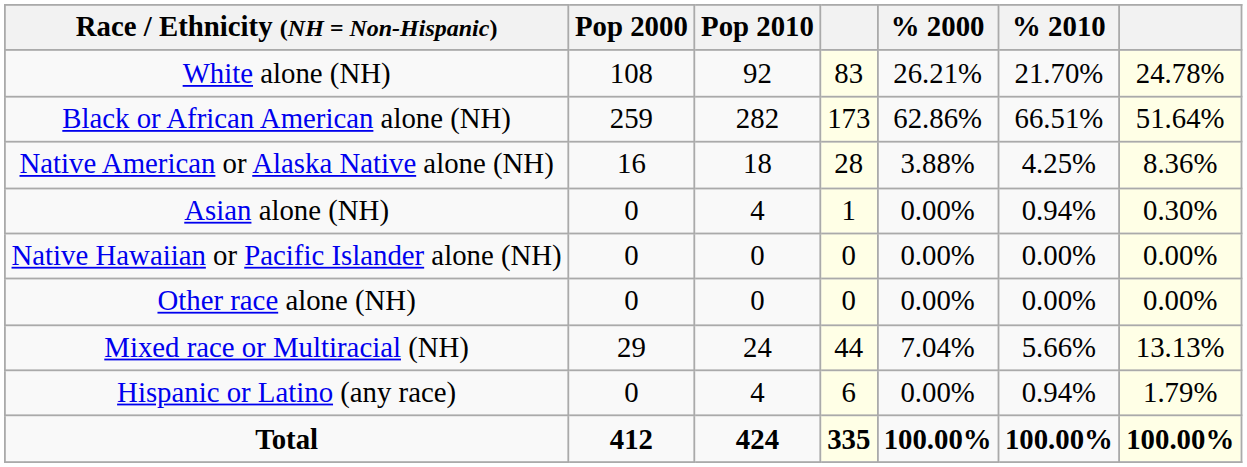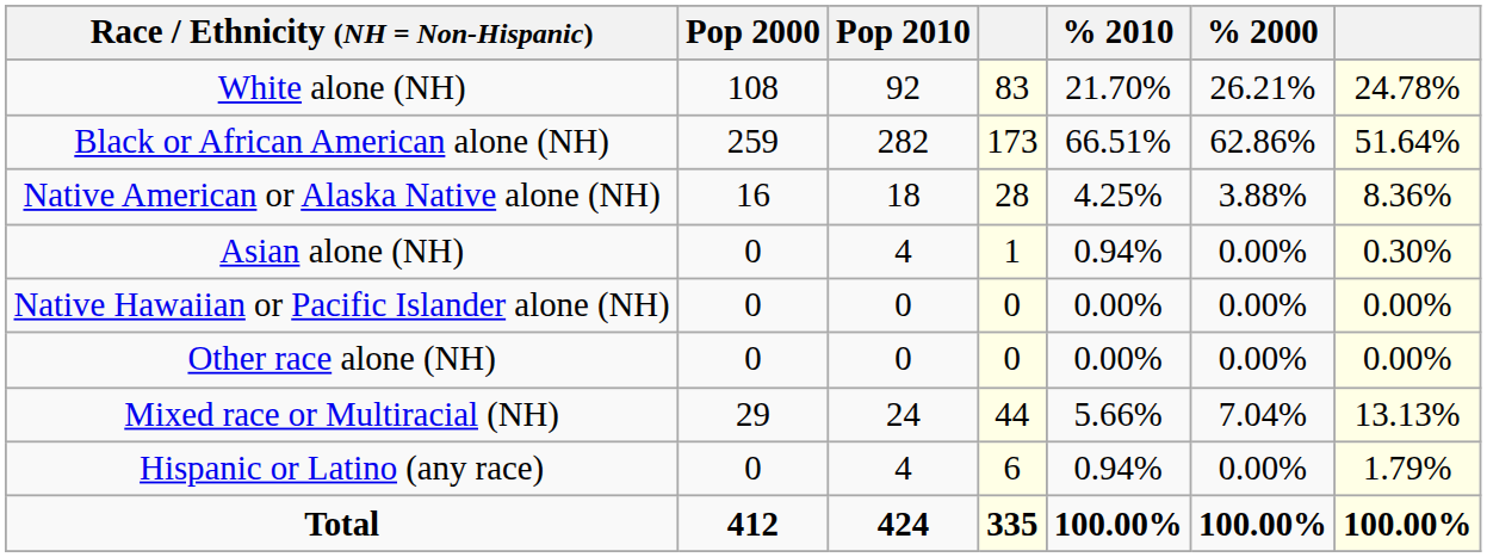 <table class="wikitable" style="text-align:center;">
 <tr>
 <th>Race / Ethnicity <small>(<em>NH = Non-Hispanic</em>)</small></th>
 <th>Pop 2000</th>
 <th>Pop 2010</th>
 <th></th>
+<th>% 2010</th>
 <th>% 2000</th>
-<th>% 2010</th>
 <th></th>
 </tr>
 <tr>
 <td><a href='#'>White</a> alone (NH)</td>
 <td>108</td>
 <td>92</td>
 <td style='background: #ffffe6;'>83</td>
+<td>21.70%</td>
 <td>26.21%</td>
-<td>21.70%</td>
 <td style='background: #ffffe6;'>24.78%</td>
 </tr>
 <tr>
 <td><a href='#'>Black or African American</a> alone (NH)</td>
 <td>259</td>
 <td>282</td>
 <td style='background: #ffffe6;'>173</td>
+<td>66.51%</td>
 <td>62.86%</td>
-<td>66.51%</td>
 <td style='background: #ffffe6;'>51.64%</td>
 </tr>
 <tr>
 <td><a href='#'>Native American</a> or <a href='#'>Alaska Native</a> alone (NH)</td>
 <td>16</td>
 <td>18</td>
 <td style='background: #ffffe6;'>28</td>
+<td>4.25%</td>
 <td>3.88%</td>
-<td>4.25%</td>
 <td style='background: #ffffe6;'>8.36%</td>
 </tr>
 <tr>
 <td><a href='#'>Asian</a> alone (NH)</td>
 <td>0</td>
 <td>4</td>
 <td style='background: #ffffe6;'>1</td>
+<td>0.94%</td>
 <td>0.00%</td>
-<td>0.94%</td>
 <td style='background: #ffffe6;'>0.30%</td>
 </tr>
 <tr>
 <td><a href='#'>Native Hawaiian</a> or <a href='#'>Pacific Islander</a> alone (NH)</td>
 <td>0</td>
 <td>0</td>
 <td style='background: #ffffe6;'>0</td>
 <td>0.00%</td>
 <td>0.00%</td>
 <td style='background: #ffffe6;'>0.00%</td>
 </tr>
 <tr>
 <td><a href='#'>Other race</a> alone (NH)</td>
 <td>0</td>
 <td>0</td>
 <td style='background: #ffffe6;'>0</td>
 <td>0.00%</td>
 <td>0.00%</td>
 <td style='background: #ffffe6;'>0.00%</td>
 </tr>
 <tr>
 <td><a href='#'>Mixed race or Multiracial</a> (NH)</td>
 <td>29</td>
 <td>24</td>
 <td style='background: #ffffe6;'>44</td>
+<td>5.66%</td>
 <td>7.04%</td>
-<td>5.66%</td>
 <td style='background: #ffffe6;'>13.13%</td>
 </tr>
 <tr>
 <td><a href='#'>Hispanic or Latino</a> (any race)</td>
 <td>0</td>
 <td>4</td>
 <td style='background: #ffffe6;'>6</td>
+<td>0.94%</td>
 <td>0.00%</td>
-<td>0.94%</td>
 <td style='background: #ffffe6;'>1.79%</td>
 </tr>
 <tr>
 <td><strong>Total</strong></td>
 <td><strong>412</strong></td>
 <td><strong>424</strong></td>
 <td style='background: #ffffe6;'><strong>335</strong></td>
 <td><strong>100.00%</strong></td>
 <td><strong>100.00%</strong></td>
 <td style='background: #ffffe6;'><strong>100.00%</strong></td>
 </tr>
 </table>
